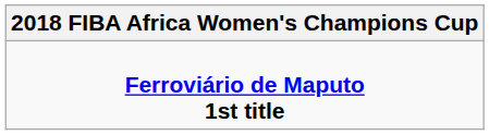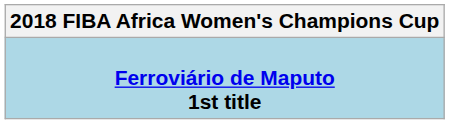 <table class=wikitable style="text-align:center; margin:auto">
 <tr>
 <th>2018 FIBA Africa Women's Champions Cup</th>
 </tr>
 <tr>
-<td><br><strong><a href='#'>Ferroviário de Maputo</a></strong><br><strong>1st title</strong></td>
+<td style="background: lightblue;"><br><strong><a href='#'>Ferroviário de Maputo</a></strong><br><strong>1st title</strong></td>
 </tr>
 </table>
